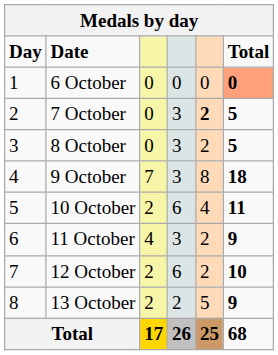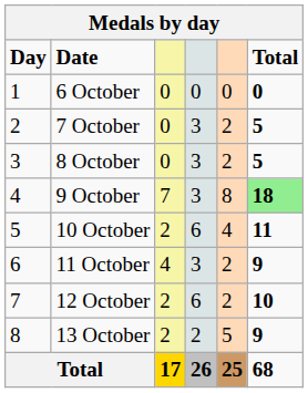 <table class=wikitable style="font-size:95%;">
 <tr>
 <th colspan=7>Medals by day</th>
 </tr>
 <tr>
 <td><strong>Day</strong></td>
 <td><strong>Date</strong></td>
 <td bgcolor=F7F6A8></td>
 <td bgcolor=DCE5E5></td>
 <td bgcolor=FFDAB9></td>
 <td><strong>Total</strong></td>
 </tr>
 <tr>
 <td>1</td>
 <td>6 October</td>
 <td bgcolor=F7F6A8>0</td>
 <td bgcolor=DCE5E5>0</td>
 <td bgcolor=FFDAB9>0</td>
-<td style="background: lightsalmon;"><strong>0</strong></td>
+<td><strong>0</strong></td>
 </tr>
 <tr>
 <td>2</td>
 <td>7 October</td>
 <td bgcolor=F7F6A8>0</td>
 <td bgcolor=DCE5E5>3</td>
-<td bgcolor=FFDAB9><strong>2</strong></td>
+<td bgcolor=FFDAB9>2</td>
 <td><strong>5</strong></td>
 </tr>
 <tr>
 <td>3</td>
 <td>8 October</td>
 <td bgcolor=F7F6A8>0</td>
 <td bgcolor=DCE5E5>3</td>
 <td bgcolor=FFDAB9>2</td>
 <td><strong>5</strong></td>
 </tr>
 <tr>
 <td>4</td>
 <td>9 October</td>
 <td bgcolor=F7F6A8>7</td>
 <td bgcolor=DCE5E5>3</td>
 <td bgcolor=FFDAB9>8</td>
-<td><strong>18</strong></td>
+<td style="background: lightgreen;"><strong>18</strong></td>
 </tr>
 <tr>
 <td>5</td>
 <td>10 October</td>
 <td bgcolor=F7F6A8>2</td>
 <td bgcolor=DCE5E5>6</td>
 <td bgcolor=FFDAB9>4</td>
 <td><strong>11</strong></td>
 </tr>
 <tr>
 <td>6</td>
 <td>11 October</td>
 <td bgcolor=F7F6A8>4</td>
 <td bgcolor=DCE5E5>3</td>
 <td bgcolor=FFDAB9>2</td>
 <td><strong>9</strong></td>
 </tr>
 <tr>
 <td>7</td>
 <td>12 October</td>
 <td bgcolor=F7F6A8>2</td>
 <td bgcolor=DCE5E5>6</td>
 <td bgcolor=FFDAB9>2</td>
 <td><strong>10</strong></td>
 </tr>
 <tr>
 <td>8</td>
 <td>13 October</td>
 <td bgcolor=F7F6A8>2</td>
 <td bgcolor=DCE5E5>2</td>
 <td bgcolor=FFDAB9>5</td>
 <td><strong>9</strong></td>
 </tr>
 <tr>
 <th colspan=2>Total</th>
 <td style="background:gold;"><strong>17</strong></td>
 <td style="background:silver;"><strong>26</strong></td>
 <td style="background:#c96;"><strong>25</strong></td>
 <td><strong>68</strong></td>
 </tr>
 </table>
